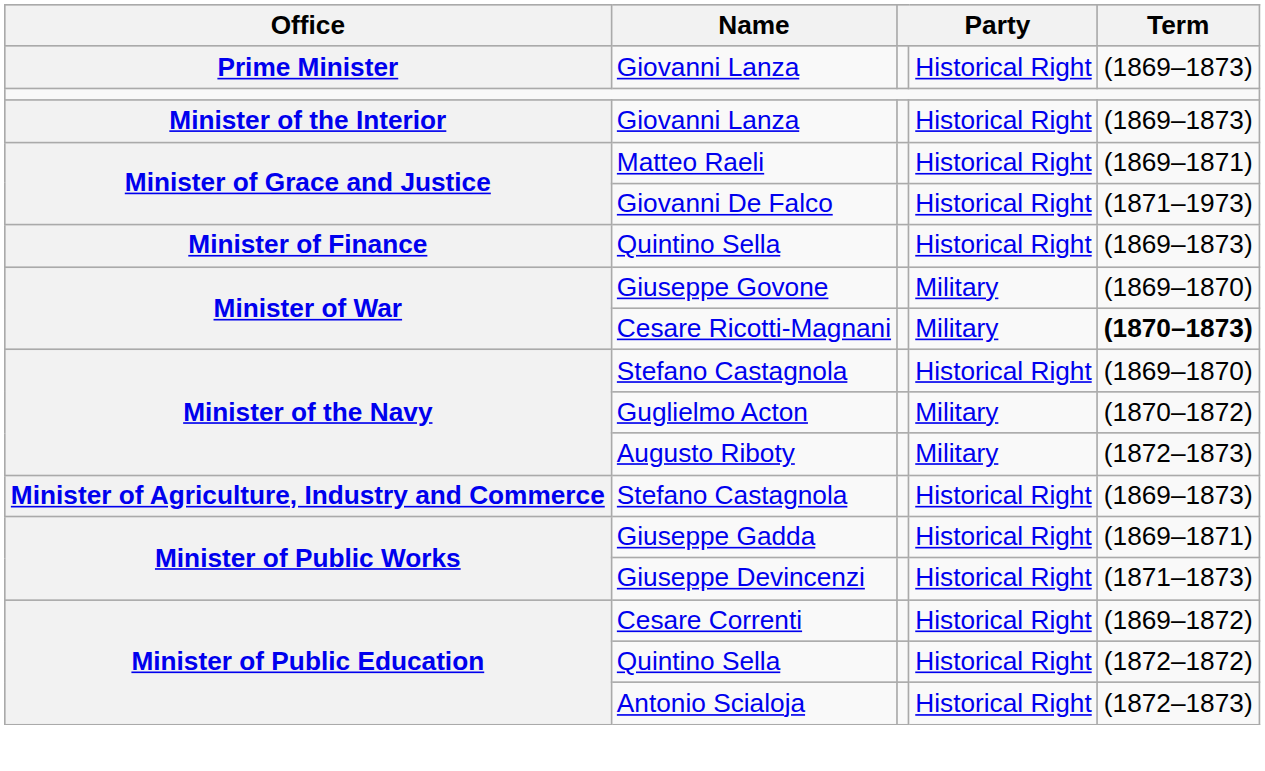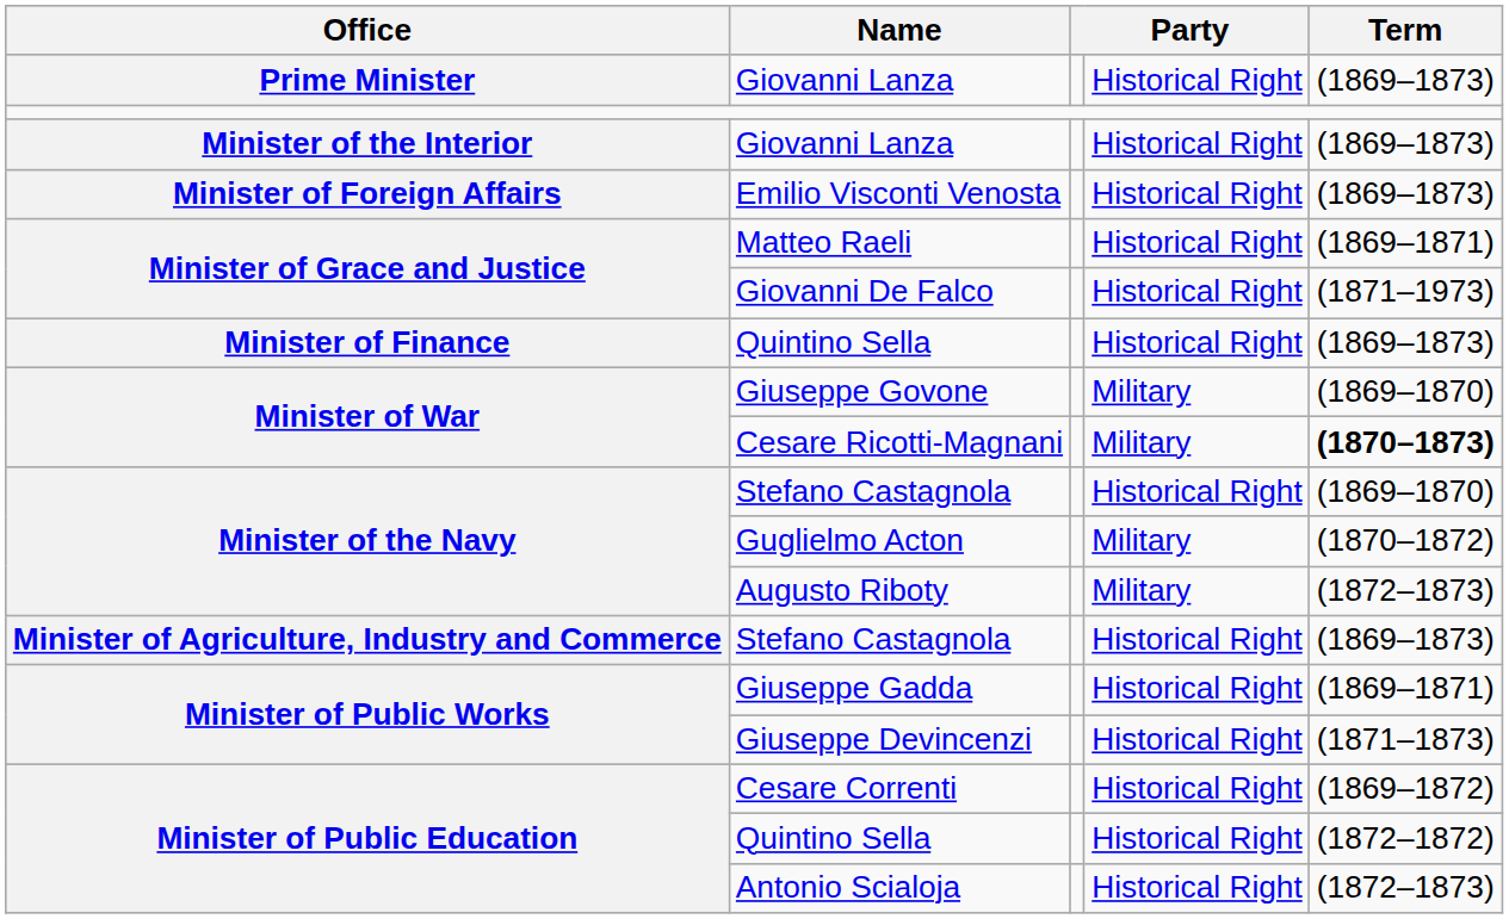 <table class="wikitable" style="font-size: 100%;">
 <tr>
 <th>Office</th>
 <th>Name</th>
 <th colspan=2>Party</th>
 <th>Term</th>
 </tr>
 <tr>
 <th><a href='#'>Prime Minister</a></th>
 <td><a href='#'>Giovanni Lanza</a></td>
 <td style="color:inherit;background:"></td>
 <td><a href='#'>Historical Right</a></td>
 <td>(1869–1873)</td>
 </tr>
 <tr>
 <td colspan=5></td>
 </tr>
 <tr>
 <th><a href='#'>Minister of the Interior</a></th>
 <td><a href='#'>Giovanni Lanza</a></td>
+<td style="color:inherit;background:"></td>
+<td><a href='#'>Historical Right</a></td>
+<td>(1869–1873)</td>
+</tr>
+<tr>
+<th><a href='#'>Minister of Foreign Affairs</a></th>
+<td><a href='#'>Emilio Visconti Venosta</a></td>
 <td style="color:inherit;background:"></td>
 <td><a href='#'>Historical Right</a></td>
 <td>(1869–1873)</td>
 </tr>
 <tr>
 <th rowspan=2><a href='#'>Minister of Grace and Justice</a></th>
 <td><a href='#'>Matteo Raeli</a></td>
 <td style="color:inherit;background:"></td>
 <td><a href='#'>Historical Right</a></td>
 <td>(1869–1871)</td>
 </tr>
 <tr>
 <td><a href='#'>Giovanni De Falco</a></td>
 <td style="color:inherit;background:"></td>
 <td><a href='#'>Historical Right</a></td>
 <td>(1871–1973)</td>
 </tr>
 <tr>
 <th><a href='#'>Minister of Finance</a></th>
 <td><a href='#'>Quintino Sella</a></td>
 <td style="color:inherit;background:"></td>
 <td><a href='#'>Historical Right</a></td>
 <td>(1869–1873)</td>
 </tr>
 <tr>
 <th rowspan=2><a href='#'>Minister of War</a></th>
 <td><a href='#'>Giuseppe Govone</a></td>
 <td style="color:inherit;background:"></td>
 <td><a href='#'>Military</a></td>
 <td>(1869–1870)</td>
 </tr>
 <tr>
 <td><a href='#'>Cesare Ricotti-Magnani</a></td>
 <td style="color:inherit;background:"></td>
 <td><a href='#'>Military</a></td>
 <td><strong>(1870–1873)</strong></td>
 </tr>
 <tr>
 <th rowspan=3><a href='#'>Minister of the Navy</a></th>
 <td><a href='#'>Stefano Castagnola</a></td>
 <td style="color:inherit;background:"></td>
 <td><a href='#'>Historical Right</a></td>
 <td>(1869–1870)</td>
 </tr>
 <tr>
 <td><a href='#'>Guglielmo Acton</a></td>
 <td style="color:inherit;background:"></td>
 <td><a href='#'>Military</a></td>
 <td>(1870–1872)</td>
 </tr>
 <tr>
 <td><a href='#'>Augusto Riboty</a></td>
 <td style="color:inherit;background:"></td>
 <td><a href='#'>Military</a></td>
 <td>(1872–1873)</td>
 </tr>
 <tr>
 <th><a href='#'>Minister of Agriculture, Industry and Commerce</a></th>
 <td><a href='#'>Stefano Castagnola</a></td>
 <td style="color:inherit;background:"></td>
 <td><a href='#'>Historical Right</a></td>
 <td>(1869–1873)</td>
 </tr>
 <tr>
 <th rowspan=2><a href='#'>Minister of Public Works</a></th>
 <td><a href='#'>Giuseppe Gadda</a></td>
 <td style="color:inherit;background:"></td>
 <td><a href='#'>Historical Right</a></td>
 <td>(1869–1871)</td>
 </tr>
 <tr>
 <td><a href='#'>Giuseppe Devincenzi</a></td>
 <td style="color:inherit;background:"></td>
 <td><a href='#'>Historical Right</a></td>
 <td>(1871–1873)</td>
 </tr>
 <tr>
 <th rowspan=3><a href='#'>Minister of Public Education</a></th>
 <td><a href='#'>Cesare Correnti</a></td>
 <td style="color:inherit;background:"></td>
 <td><a href='#'>Historical Right</a></td>
 <td>(1869–1872)</td>
 </tr>
 <tr>
 <td><a href='#'>Quintino Sella</a></td>
 <td style="color:inherit;background:"></td>
 <td><a href='#'>Historical Right</a></td>
 <td>(1872–1872)</td>
 </tr>
 <tr>
 <td><a href='#'>Antonio Scialoja</a></td>
 <td style="color:inherit;background:"></td>
 <td><a href='#'>Historical Right</a></td>
 <td>(1872–1873)</td>
 </tr>
 </table>
